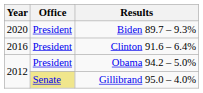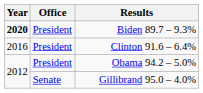 <table class=wikitable>
 <tr>
 <th width="30">Year</th>
 <th width="60">Office</th>
 <th width="180">Results</th>
 </tr>
 <tr>
-<td>2020</td>
+<td><strong>2020</strong></td>
 <td><a href='#'>President</a></td>
 <td align="right" ><a href='#'>Biden</a> 89.7 – 9.3%</td>
 </tr>
 <tr>
 <td>2016</td>
 <td><a href='#'>President</a></td>
 <td align="right" ><a href='#'>Clinton</a> 91.6 – 6.4%</td>
 </tr>
 <tr>
 <td rowspan="2">2012</td>
 <td><a href='#'>President</a></td>
 <td align="right" ><a href='#'>Obama</a> 94.2 – 5.0%</td>
 </tr>
 <tr>
-<td style="background: khaki;"><a href='#'>Senate</a></td>
+<td><a href='#'>Senate</a></td>
 <td align="right" ><a href='#'>Gillibrand</a> 95.0 – 4.0%</td>
 </tr>
 </table>
